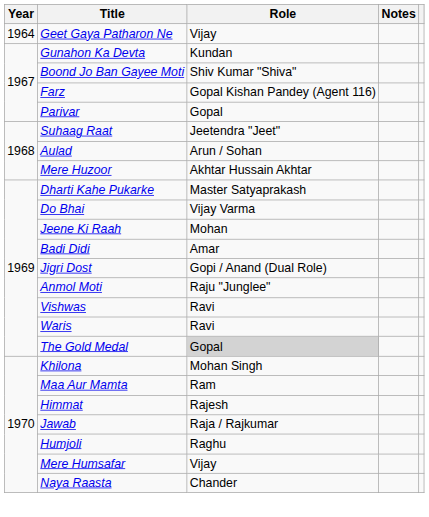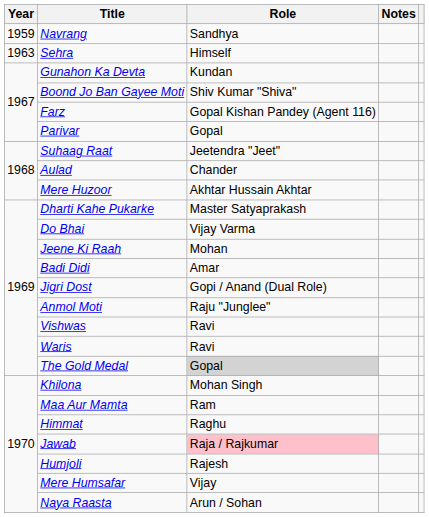 <table class="wikitable sortable">
 <tr style="background:#ccc; align:center,">
 <th>Year</th>
 <th>Title</th>
 <th>Role</th>
 <th>Notes</th>
 <th></th>
 </tr>
 <tr>
-<td>1964</td>
-<td><em><a href='#'>Geet Gaya Patharon Ne</a></em></td>
-<td>Vijay</td>
+<td>1959</td>
+<td><em><a href='#'>Navrang</a></em></td>
+<td>Sandhya</td>
+<td></td>
+<td></td>
+</tr>
+<tr>
+<td>1963</td>
+<td><a href='#'><em>Sehra</em></a></td>
+<td>Himself</td>
 <td></td>
 <td></td>
 </tr>
 <tr>
 <td rowspan="4">1967</td>
 <td><em><a href='#'>Gunahon Ka Devta</a></em></td>
 <td>Kundan</td>
 <td></td>
 <td></td>
 </tr>
 <tr>
 <td><em><a href='#'>Boond Jo Ban Gayee Moti</a></em></td>
 <td>Shiv Kumar "Shiva"</td>
 <td></td>
 <td></td>
 </tr>
 <tr>
 <td><em><a href='#'>Farz</a></em></td>
 <td>Gopal Kishan Pandey (Agent 116)</td>
 <td></td>
 <td></td>
 </tr>
 <tr>
 <td><em><a href='#'>Parivar</a></em></td>
 <td>Gopal</td>
 <td></td>
 <td></td>
 </tr>
 <tr>
 <td rowspan="3">1968</td>
 <td><em><a href='#'>Suhaag Raat</a></em></td>
 <td>Jeetendra "Jeet"</td>
 <td></td>
 <td></td>
 </tr>
 <tr>
 <td><em><a href='#'>Aulad</a></em></td>
-<td>Arun / Sohan</td>
+<td>Chander</td>
 <td></td>
 <td></td>
 </tr>
 <tr>
 <td><em><a href='#'>Mere Huzoor</a></em></td>
 <td>Akhtar Hussain Akhtar</td>
 <td></td>
 <td></td>
 </tr>
 <tr>
 <td rowspan="9">1969</td>
 <td><em><a href='#'>Dharti Kahe Pukarke</a></em></td>
 <td>Master Satyaprakash</td>
 <td></td>
 <td></td>
 </tr>
 <tr>
 <td><em><a href='#'>Do Bhai</a></em></td>
 <td>Vijay Varma</td>
 <td></td>
 <td></td>
 </tr>
 <tr>
 <td><em><a href='#'>Jeene Ki Raah</a></em></td>
 <td>Mohan</td>
 <td></td>
 <td></td>
 </tr>
 <tr>
 <td><em><a href='#'>Badi Didi</a></em></td>
 <td>Amar</td>
 <td></td>
 <td></td>
 </tr>
 <tr>
 <td><em><a href='#'>Jigri Dost</a></em></td>
 <td>Gopi / Anand (Dual Role)</td>
 <td></td>
 <td></td>
 </tr>
 <tr>
 <td><em><a href='#'>Anmol Moti</a></em></td>
 <td>Raju "Junglee"</td>
 <td></td>
 <td></td>
 </tr>
 <tr>
 <td><em><a href='#'>Vishwas</a></em></td>
 <td>Ravi</td>
 <td></td>
 <td></td>
 </tr>
 <tr>
 <td><em><a href='#'>Waris</a></em></td>
 <td>Ravi</td>
 <td></td>
 <td></td>
 </tr>
 <tr>
 <td><em><a href='#'>The Gold Medal</a></em></td>
 <td style="background: lightgrey;">Gopal</td>
 <td></td>
 <td></td>
 </tr>
 <tr>
 <td rowspan="7">1970</td>
 <td><em><a href='#'>Khilona</a></em></td>
 <td>Mohan Singh</td>
 <td></td>
 <td></td>
 </tr>
 <tr>
 <td><em><a href='#'>Maa Aur Mamta</a></em></td>
 <td>Ram</td>
 <td></td>
 <td></td>
 </tr>
 <tr>
 <td><em><a href='#'>Himmat</a></em></td>
-<td>Rajesh</td>
+<td>Raghu</td>
 <td></td>
 <td></td>
 </tr>
 <tr>
 <td><em><a href='#'>Jawab</a></em></td>
-<td>Raja / Rajkumar</td>
+<td style="background: pink;">Raja / Rajkumar</td>
 <td></td>
 <td></td>
 </tr>
 <tr>
 <td><em><a href='#'>Humjoli</a></em></td>
-<td>Raghu</td>
+<td>Rajesh</td>
 <td></td>
 <td></td>
 </tr>
 <tr>
 <td><em><a href='#'>Mere Humsafar</a></em></td>
 <td>Vijay</td>
 <td></td>
 <td></td>
 </tr>
 <tr>
 <td><em><a href='#'>Naya Raasta</a></em></td>
-<td>Chander</td>
+<td>Arun / Sohan</td>
 <td></td>
 <td></td>
 </tr>
 </table>
